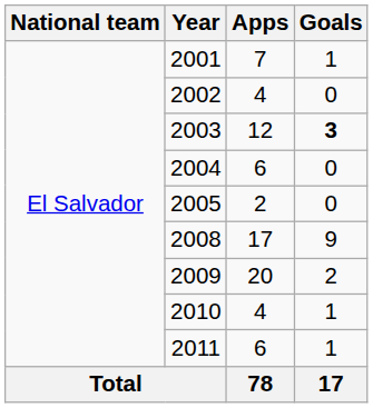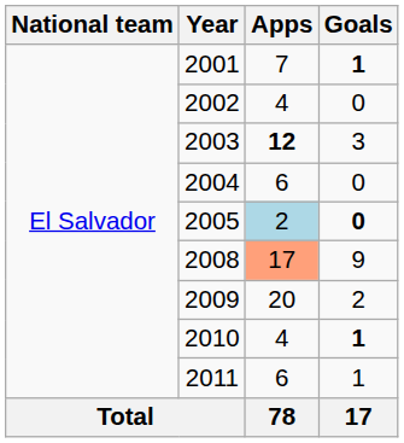 <table class=wikitable style="text-align: center">
 <tr>
 <th>National team</th>
 <th>Year</th>
 <th>Apps</th>
 <th>Goals</th>
 </tr>
 <tr>
 <td rowspan="9"><a href='#'>El Salvador</a></td>
 <td>2001</td>
 <td>7</td>
-<td>1</td>
+<td><strong>1</strong></td>
 </tr>
 <tr>
 <td>2002</td>
 <td>4</td>
 <td>0</td>
 </tr>
 <tr>
 <td>2003</td>
-<td>12</td>
-<td><strong>3</strong></td>
+<td><strong>12</strong></td>
+<td>3</td>
 </tr>
 <tr>
 <td>2004</td>
 <td>6</td>
 <td>0</td>
 </tr>
 <tr>
 <td>2005</td>
-<td>2</td>
-<td>0</td>
+<td style="background: lightblue;">2</td>
+<td><strong>0</strong></td>
 </tr>
 <tr>
 <td>2008</td>
-<td>17</td>
+<td style="background: lightsalmon;">17</td>
 <td>9</td>
 </tr>
 <tr>
 <td>2009</td>
 <td>20</td>
 <td>2</td>
 </tr>
 <tr>
 <td>2010</td>
 <td>4</td>
-<td>1</td>
+<td><strong>1</strong></td>
 </tr>
 <tr>
 <td>2011</td>
 <td>6</td>
 <td>1</td>
 </tr>
 <tr>
 <th colspan="2">Total</th>
 <th>78</th>
 <th>17</th>
 </tr>
 </table>
